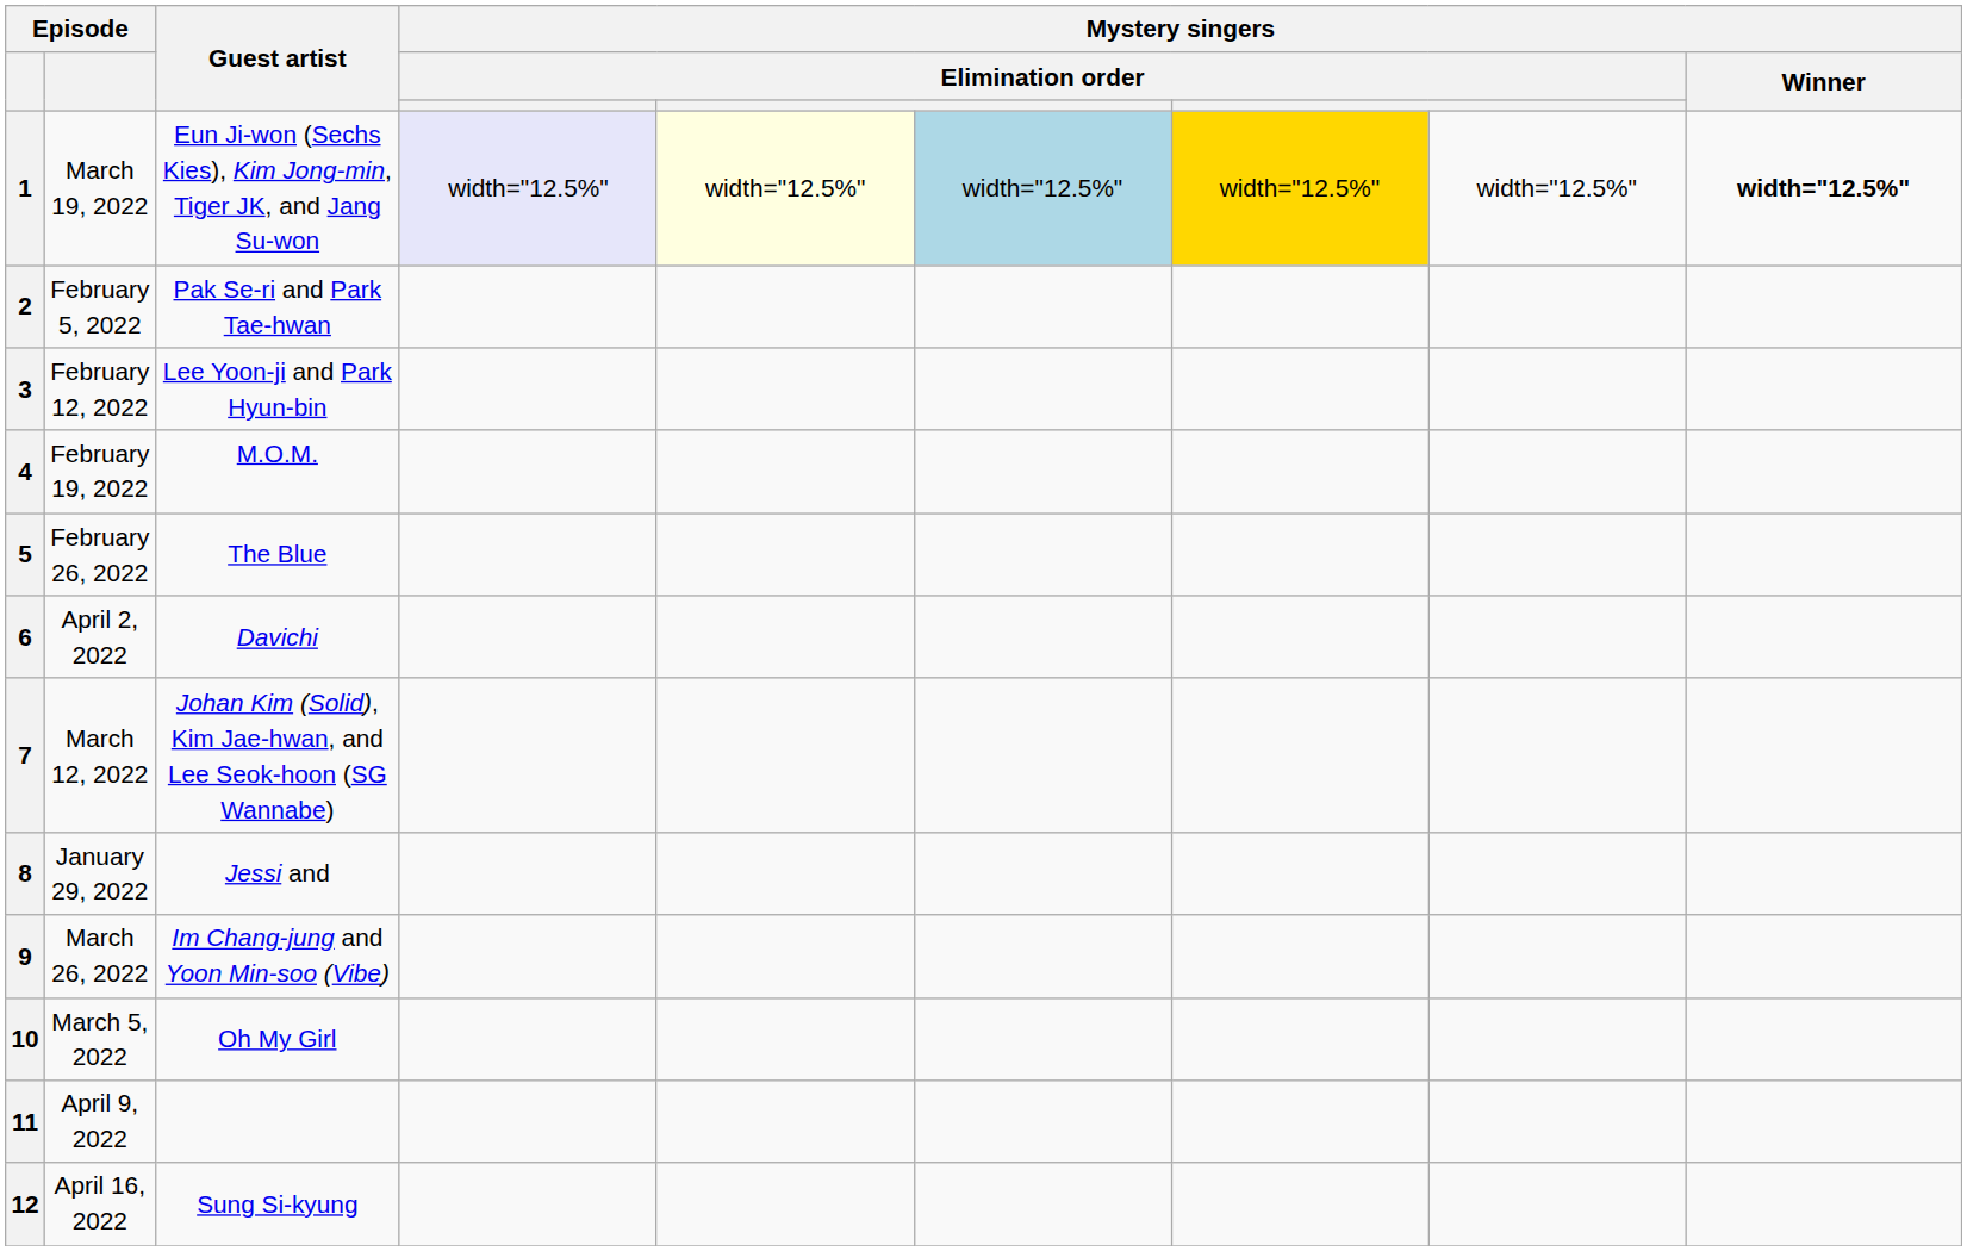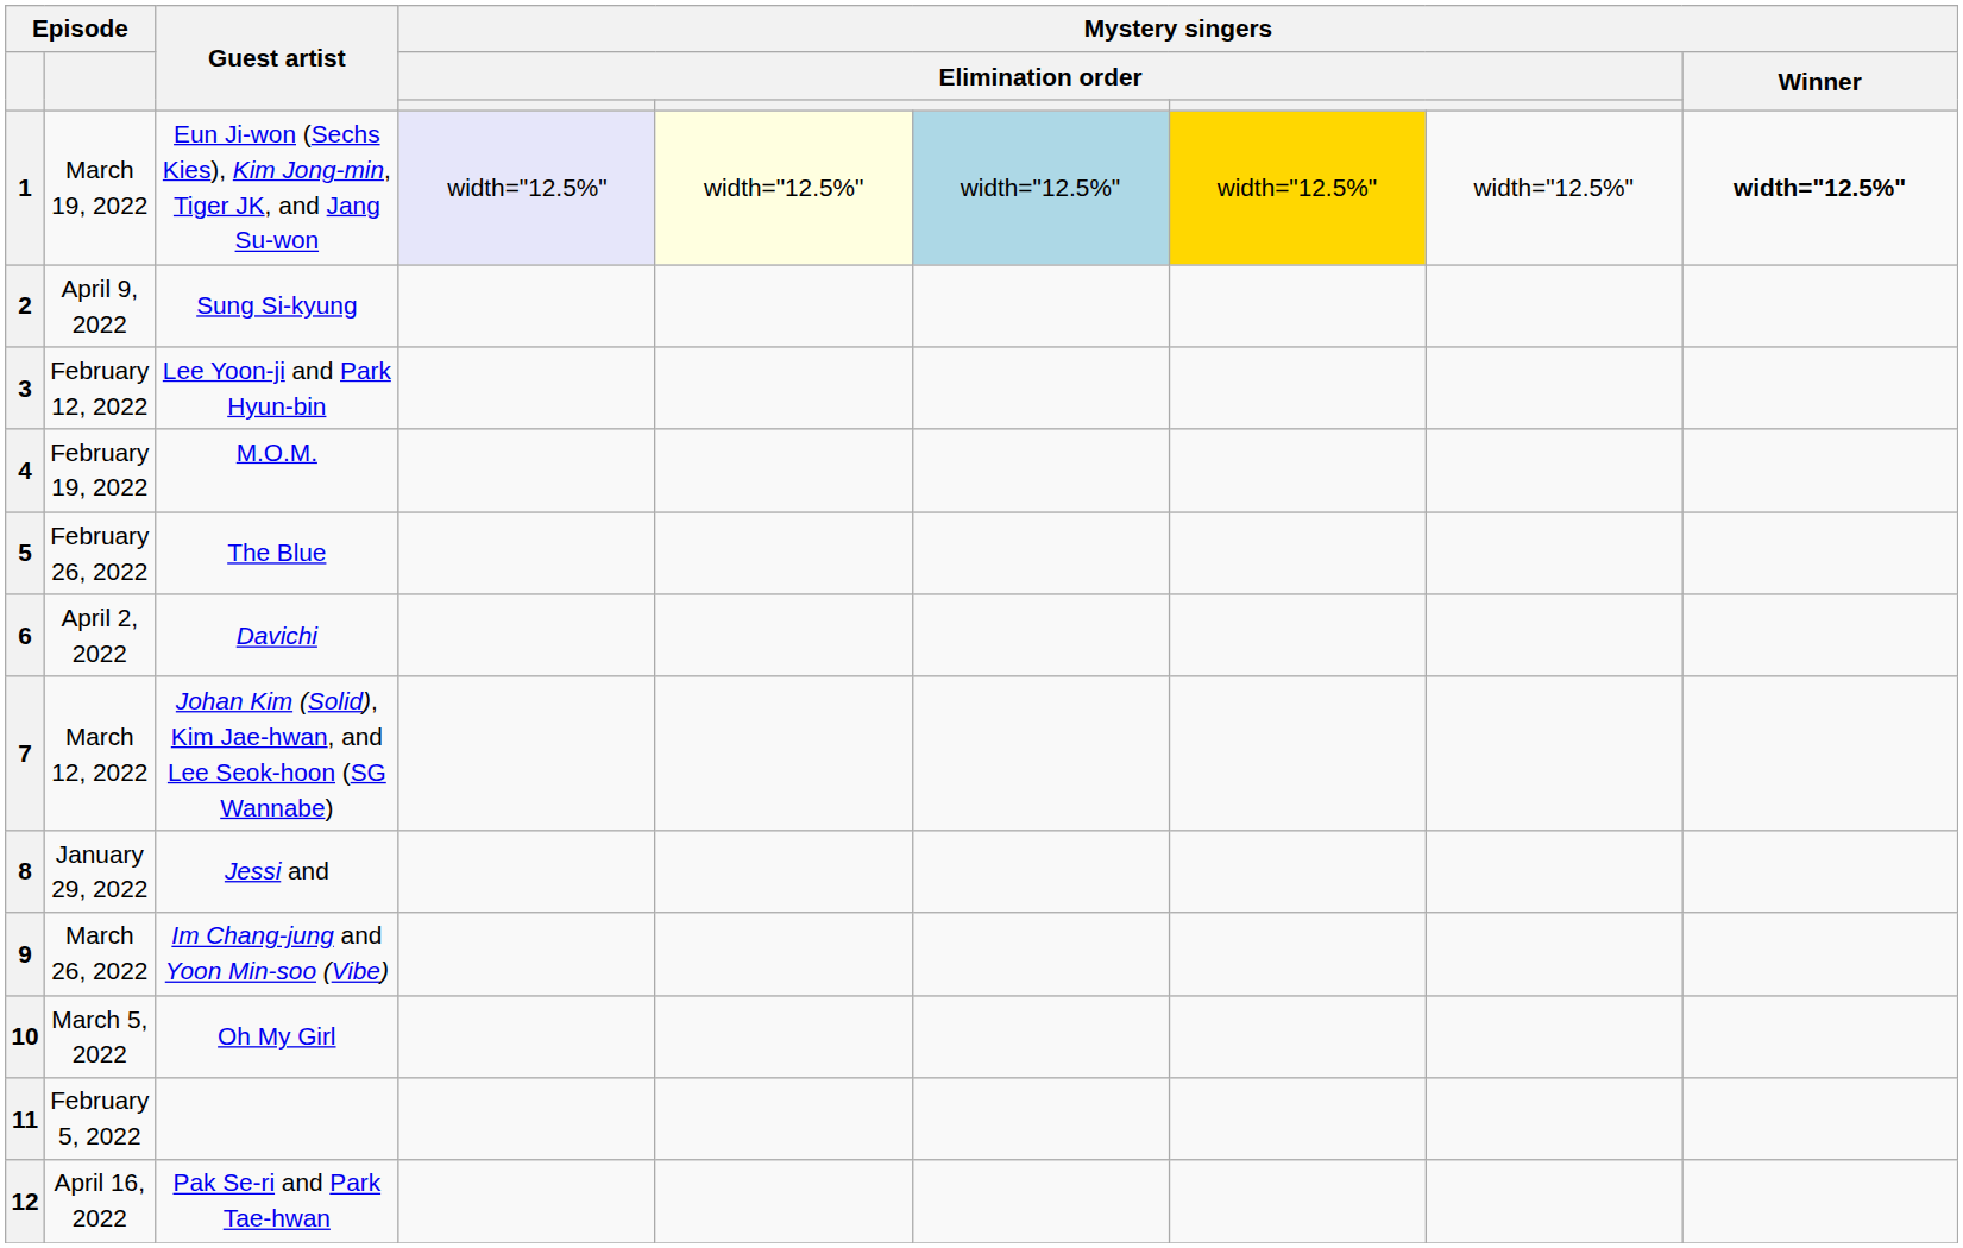 <table class="wikitable plainrowheaders mw-collapsible" style="text-align:center; line-height:23px; width:100%;">
 <tr>
 <th colspan="2" width="1%">Episode</th>
 <th rowspan="3" width="12.5%">Guest artist</th>
 <th colspan="6">Mystery singers<br></th>
 </tr>
 <tr>
 <th rowspan="2"></th>
 <th rowspan="2"></th>
 <th colspan="5">Elimination order</th>
 <th rowspan="2">Winner</th>
 </tr>
 <tr>
 <th></th>
 <th colspan="2"></th>
 <th colspan="2"></th>
 </tr>
 <tr>
 <th>1</th>
 <td>March 19, 2022</td>
 <td><a href='#'>Eun Ji-won</a> (<a href='#'>Sechs Kies</a>), <em><a href='#'>Kim Jong-min</a></em>, <a href='#'>Tiger JK</a>, and <a href='#'>Jang Su-won</a><br></td>
 <td style="background: lavender;">width="12.5%" </td>
 <td style="background: lightyellow;">width="12.5%" </td>
 <td style="background: lightblue;">width="12.5%" </td>
 <td style="background: gold;">width="12.5%" </td>
 <td>width="12.5%" </td>
 <td><strong>width="12.5%" </strong></td>
 </tr>
 <tr>
 <th>2</th>
-<td>February 5, 2022</td>
-<td><a href='#'>Pak Se-ri</a> and <a href='#'>Park Tae-hwan</a><br></td>
+<td>April 9, 2022</td>
+<td><a href='#'>Sung Si-kyung</a><br></td>
 <td></td>
 <td></td>
 <td></td>
 <td></td>
 <td></td>
 <td></td>
 </tr>
 <tr>
 <th>3</th>
 <td>February 12, 2022</td>
 <td><a href='#'>Lee Yoon-ji</a> and <a href='#'>Park Hyun-bin</a><br></td>
 <td></td>
 <td></td>
 <td></td>
 <td></td>
 <td></td>
 <td></td>
 </tr>
 <tr>
 <th>4</th>
 <td>February 19, 2022</td>
 <td><a href='#'>M.O.M.</a><br><br></td>
 <td></td>
 <td></td>
 <td></td>
 <td></td>
 <td></td>
 <td></td>
 </tr>
 <tr>
 <th>5</th>
 <td>February 26, 2022</td>
 <td><a href='#'>The Blue</a><br></td>
 <td></td>
 <td></td>
 <td></td>
 <td></td>
 <td></td>
 <td></td>
 </tr>
 <tr>
 <th>6</th>
 <td>April 2, 2022</td>
 <td><em><a href='#'>Davichi</a></em><br></td>
 <td></td>
 <td></td>
 <td></td>
 <td></td>
 <td></td>
 <td></td>
 </tr>
 <tr>
 <th>7</th>
 <td>March 12, 2022</td>
 <td><em><a href='#'>Johan Kim</a> (<a href='#'>Solid</a>)</em>, <a href='#'>Kim Jae-hwan</a>, and <a href='#'>Lee Seok-hoon</a> (<a href='#'>SG Wannabe</a>)<br></td>
 <td></td>
 <td></td>
 <td></td>
 <td></td>
 <td></td>
 <td></td>
 </tr>
 <tr>
 <th>8</th>
 <td>January 29, 2022</td>
 <td><em><a href='#'>Jessi</a></em> and <br></td>
 <td></td>
 <td></td>
 <td></td>
 <td></td>
 <td></td>
 <td></td>
 </tr>
 <tr>
 <th>9</th>
 <td>March 26, 2022</td>
 <td><em><a href='#'>Im Chang-jung</a></em> and <em><a href='#'>Yoon Min-soo</a> (<a href='#'>Vibe</a>)</em><br></td>
 <td></td>
 <td></td>
 <td></td>
 <td></td>
 <td></td>
 <td></td>
 </tr>
 <tr>
 <th>10</th>
 <td>March 5, 2022</td>
 <td><a href='#'>Oh My Girl</a><br></td>
 <td></td>
 <td></td>
 <td></td>
 <td></td>
 <td></td>
 <td></td>
 </tr>
 <tr>
 <th>11</th>
-<td>April 9, 2022</td>
+<td>February 5, 2022</td>
 <td><br><br></td>
 <td></td>
 <td></td>
 <td></td>
 <td></td>
 <td></td>
 <td></td>
 </tr>
 <tr>
 <th>12</th>
 <td>April 16, 2022</td>
-<td><a href='#'>Sung Si-kyung</a><br></td>
+<td><a href='#'>Pak Se-ri</a> and <a href='#'>Park Tae-hwan</a><br></td>
 <td></td>
 <td></td>
 <td></td>
 <td></td>
 <td></td>
 <td></td>
 </tr>
 </table>
